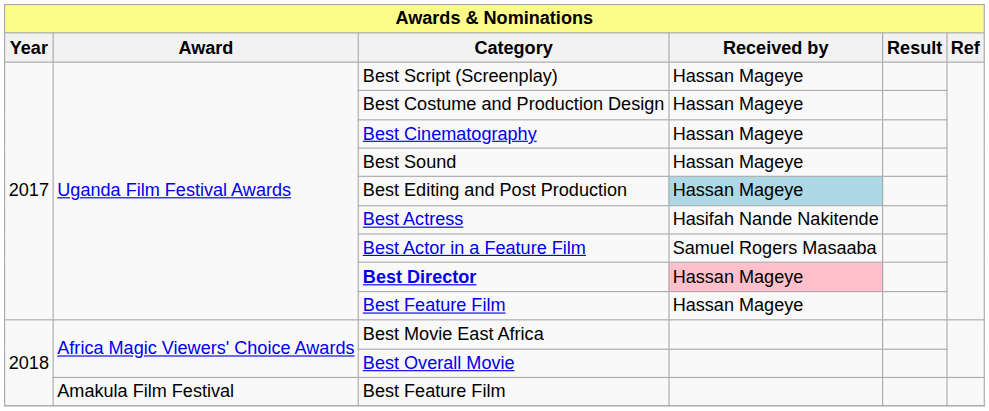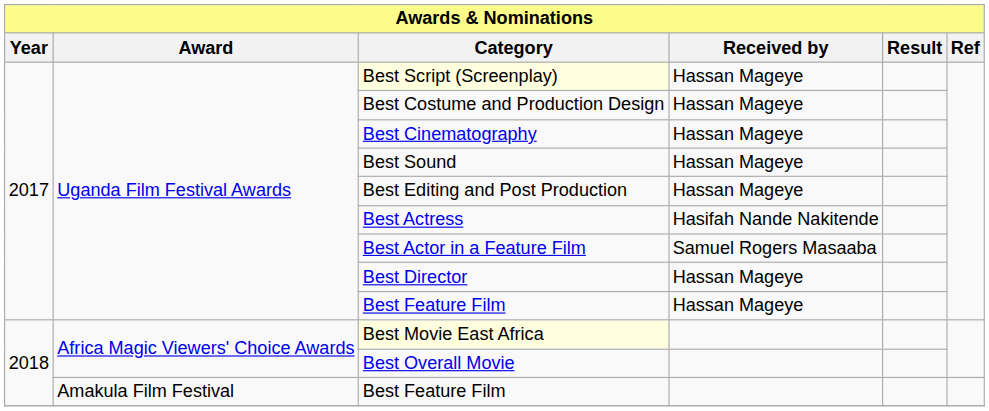 <table class="wikitable" width="">
 <tr>
 <th colspan="6" style="background: #FBFC8A;">Awards & Nominations</th>
 </tr>
 <tr style="background:#ccc; text-align:center;">
 <th>Year</th>
 <th>Award</th>
 <th>Category</th>
 <th>Received by</th>
 <th>Result</th>
 <th>Ref</th>
 </tr>
 <tr>
 <td rowspan="9">2017</td>
 <td rowspan="9"><a href='#'>Uganda Film Festival Awards</a></td>
-<td>Best Script (Screenplay)</td>
+<td style="background: lightyellow;">Best Script (Screenplay)</td>
 <td>Hassan Mageye</td>
 <td></td>
 <td rowspan="9"></td>
 </tr>
 <tr>
 <td>Best Costume and Production Design</td>
 <td>Hassan Mageye</td>
 <td></td>
 </tr>
 <tr>
 <td><a href='#'>Best Cinematography</a></td>
 <td>Hassan Mageye</td>
 <td></td>
 </tr>
 <tr>
 <td>Best Sound</td>
 <td>Hassan Mageye</td>
 <td></td>
 </tr>
 <tr>
 <td>Best Editing and Post Production</td>
-<td style="background: lightblue;">Hassan Mageye</td>
+<td>Hassan Mageye</td>
 <td></td>
 </tr>
 <tr>
 <td><a href='#'>Best Actress</a></td>
 <td>Hasifah Nande Nakitende</td>
 <td></td>
 </tr>
 <tr>
 <td><a href='#'>Best Actor in a Feature Film</a></td>
 <td>Samuel Rogers Masaaba</td>
 <td></td>
 </tr>
 <tr>
-<td><strong><a href='#'>Best Director</a></strong></td>
-<td style="background: pink;">Hassan Mageye</td>
+<td><a href='#'>Best Director</a></td>
+<td>Hassan Mageye</td>
 <td></td>
 </tr>
 <tr>
 <td><a href='#'>Best Feature Film</a></td>
 <td>Hassan Mageye</td>
 <td></td>
 </tr>
 <tr>
 <td rowspan="3">2018</td>
 <td rowspan="2"><a href='#'>Africa Magic Viewers' Choice Awards</a></td>
-<td>Best Movie East Africa</td>
+<td style="background: lightyellow;">Best Movie East Africa</td>
 <td></td>
 <td></td>
 <td rowspan="2"></td>
 </tr>
 <tr>
 <td><a href='#'>Best Overall Movie</a></td>
 <td></td>
 <td></td>
 </tr>
 <tr>
 <td>Amakula Film Festival</td>
 <td>Best Feature Film</td>
 <td></td>
 <td></td>
 <td></td>
 </tr>
 <tr>
 </tr>
 </table>
